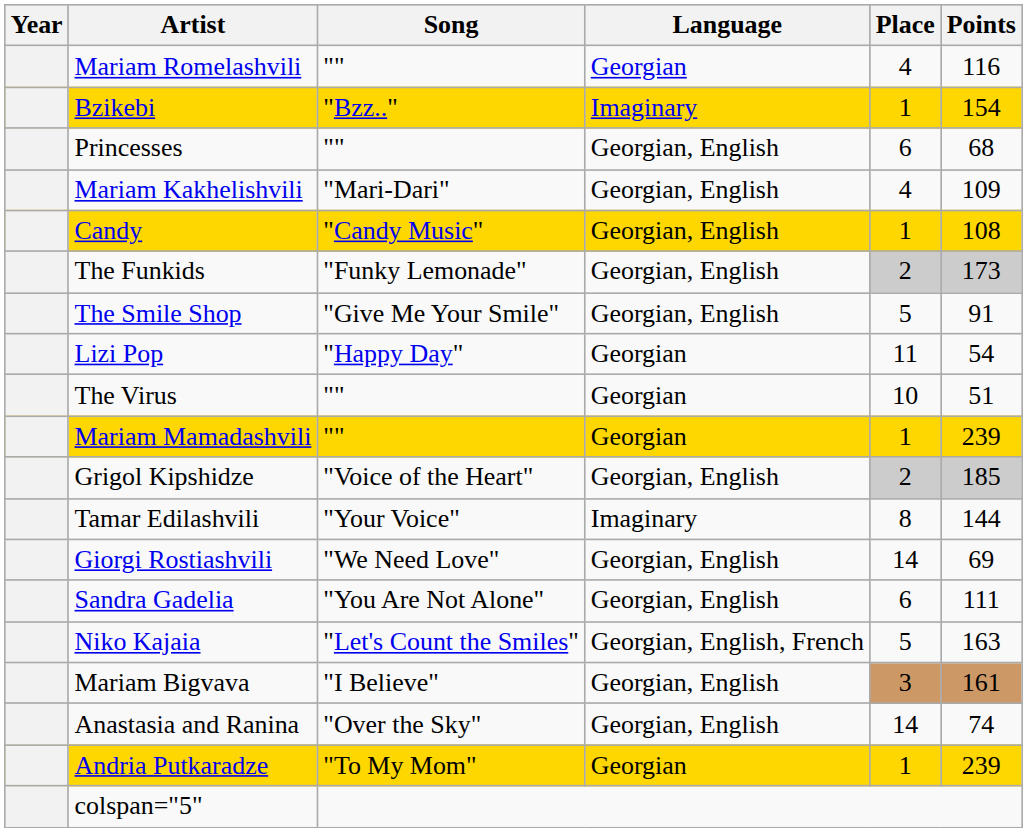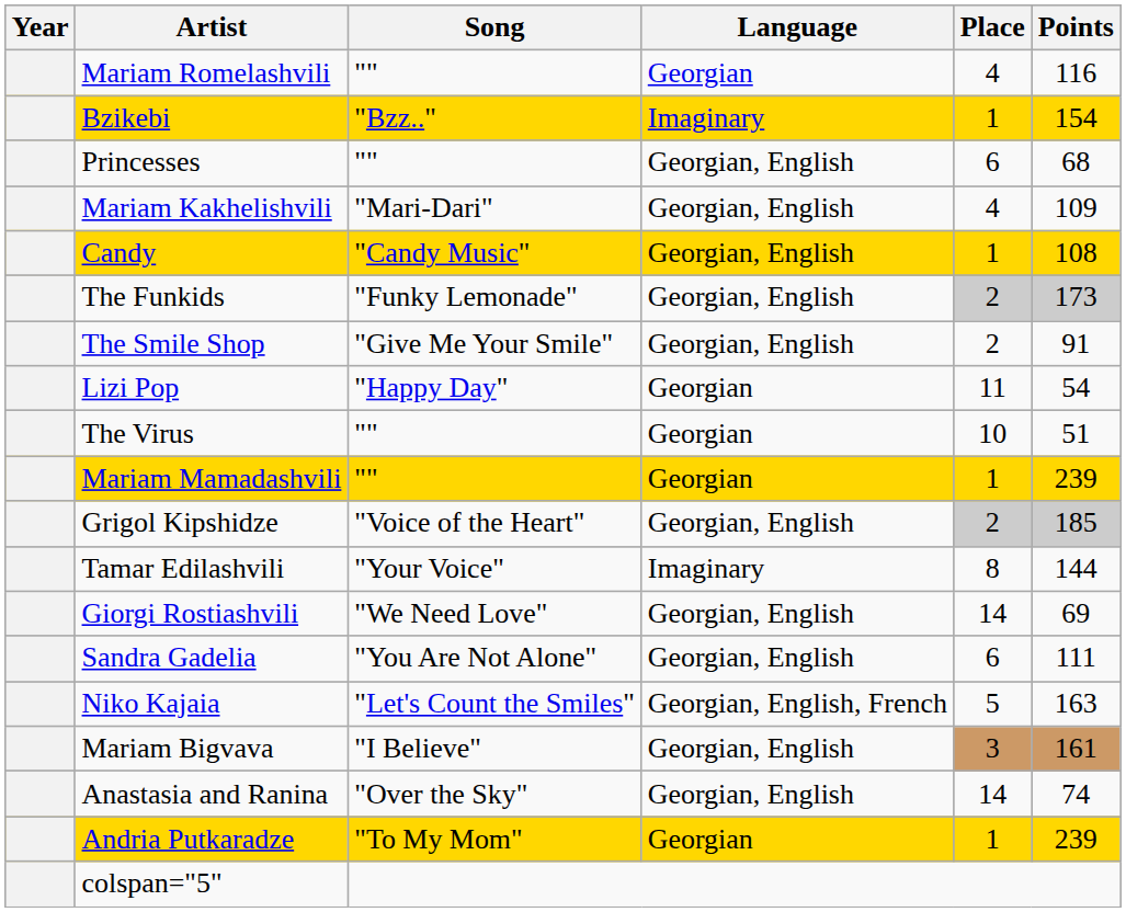 <table class="wikitable sortable plainrowheaders">
 <tr>
 <th scope="col">Year</th>
 <th scope="col">Artist</th>
 <th scope="col">Song</th>
 <th scope="col">Language</th>
 <th scope="col" data-sort-type="number">Place</th>
 <th scope="col" data-sort-type="number">Points</th>
 </tr>
 <tr>
 <th scope="row" style="text-align:center;"></th>
 <td><a href='#'>Mariam Romelashvili</a></td>
 <td>"" </td>
 <td><a href='#'>Georgian</a></td>
 <td style="text-align:center;">4</td>
 <td style="text-align:center;">116</td>
 </tr>
 <tr style="background-color:#FFD700;">
 <th scope="row" style="text-align:center;"></th>
 <td><a href='#'>Bzikebi</a></td>
 <td>"<a href='#'>Bzz..</a>"</td>
 <td><a href='#'>Imaginary</a></td>
 <td style="text-align:center;">1</td>
 <td style="text-align:center;">154</td>
 </tr>
 <tr>
 <th scope="row" style="text-align:center;"></th>
 <td>Princesses</td>
 <td>"" </td>
 <td>Georgian, English</td>
 <td style="text-align:center;">6</td>
 <td style="text-align:center;">68</td>
 </tr>
 <tr>
 <th scope="row" style="text-align:center;"></th>
 <td><a href='#'>Mariam Kakhelishvili</a></td>
 <td>"Mari-Dari" </td>
 <td>Georgian, English</td>
 <td style="text-align:center;">4</td>
 <td style="text-align:center;">109</td>
 </tr>
 <tr style="background-color:#FFD700;">
 <th scope="row" style="text-align:center;"></th>
 <td><a href='#'>Candy</a></td>
 <td>"<a href='#'>Candy Music</a>"</td>
 <td>Georgian, English</td>
 <td style="text-align:center;">1</td>
 <td style="text-align:center;">108</td>
 </tr>
 <tr>
 <th scope="row" style="text-align:center;"></th>
 <td>The Funkids</td>
 <td>"Funky Lemonade"</td>
 <td>Georgian, English</td>
 <td style="text-align:center; background-color:#CCC;">2</td>
 <td style="text-align:center; background-color:#CCC;">173</td>
 </tr>
 <tr>
 <th scope="row" style="text-align:center;"></th>
 <td><a href='#'>The Smile Shop</a></td>
 <td>"Give Me Your Smile"</td>
 <td>Georgian, English</td>
-<td style="text-align:center;">5</td>
+<td style="text-align:center;">2</td>
 <td style="text-align:center;">91</td>
 </tr>
 <tr>
 <th scope="row" style="text-align:center;"></th>
 <td><a href='#'>Lizi Pop</a></td>
 <td>"<a href='#'>Happy Day</a>"</td>
 <td>Georgian</td>
 <td style="text-align:center;">11</td>
 <td style="text-align:center;">54</td>
 </tr>
 <tr>
 <th scope="row" style="text-align:center;"></th>
 <td>The Virus</td>
 <td>"" </td>
 <td>Georgian</td>
 <td style="text-align:center;">10</td>
 <td style="text-align:center;">51</td>
 </tr>
 <tr style="background-color:#FFD700;">
 <th scope="row" style="text-align:center;"></th>
 <td><a href='#'>Mariam Mamadashvili</a></td>
 <td>"" </td>
 <td>Georgian</td>
 <td style="text-align:center;">1</td>
 <td style="text-align:center;">239</td>
 </tr>
 <tr>
 <th scope="row" style="text-align:center;"></th>
 <td>Grigol Kipshidze</td>
 <td>"Voice of the Heart"</td>
 <td>Georgian, English</td>
 <td style="text-align:center; background-color:#CCC;">2</td>
 <td style="text-align:center; background-color:#CCC;">185</td>
 </tr>
 <tr>
 <th scope="row" style="text-align:center;"></th>
 <td>Tamar Edilashvili</td>
 <td>"Your Voice"</td>
 <td>Imaginary</td>
 <td style="text-align:center;">8</td>
 <td style="text-align:center;">144</td>
 </tr>
 <tr>
 <th scope="row" style="text-align:center;"></th>
 <td><a href='#'>Giorgi Rostiashvili</a></td>
 <td>"We Need Love"</td>
 <td>Georgian, English</td>
 <td style="text-align:center;">14</td>
 <td style="text-align:center;">69</td>
 </tr>
 <tr>
 <th scope="row" style="text-align:center;"></th>
 <td><a href='#'>Sandra Gadelia</a></td>
 <td>"You Are Not Alone"</td>
 <td>Georgian, English</td>
 <td style="text-align:center;">6</td>
 <td style="text-align:center;">111</td>
 </tr>
 <tr>
 <th scope="row" style="text-align:center;"></th>
 <td><a href='#'>Niko Kajaia</a></td>
 <td>"<a href='#'>Let's Count the Smiles</a>"</td>
 <td>Georgian, English, French</td>
 <td style="text-align:center;">5</td>
 <td style="text-align:center;">163</td>
 </tr>
 <tr>
 <th scope="row" style="text-align:center;"></th>
 <td>Mariam Bigvava</td>
 <td>"I Believe"</td>
 <td>Georgian, English</td>
 <td style="text-align:center; background-color:#C96;">3</td>
 <td style="text-align:center; background-color:#C96;">161</td>
 </tr>
 <tr>
 <th scope="row" style="text-align:center;"></th>
 <td>Anastasia and Ranina</td>
 <td>"Over the Sky"</td>
 <td>Georgian, English</td>
 <td style="text-align:center;">14</td>
 <td style="text-align:center;">74</td>
 </tr>
 <tr style="background-color:#FFD700;">
 <th scope="row" style="text-align:center;"></th>
 <td><a href='#'>Andria Putkaradze</a></td>
 <td>"To My Mom"</td>
 <td>Georgian</td>
 <td style="text-align:center;">1</td>
 <td style="text-align:center;">239</td>
 </tr>
 <tr>
 <th scope="row" style="text-align:center;"></th>
 <td>colspan="5" </td>
 </tr>
 </table>
